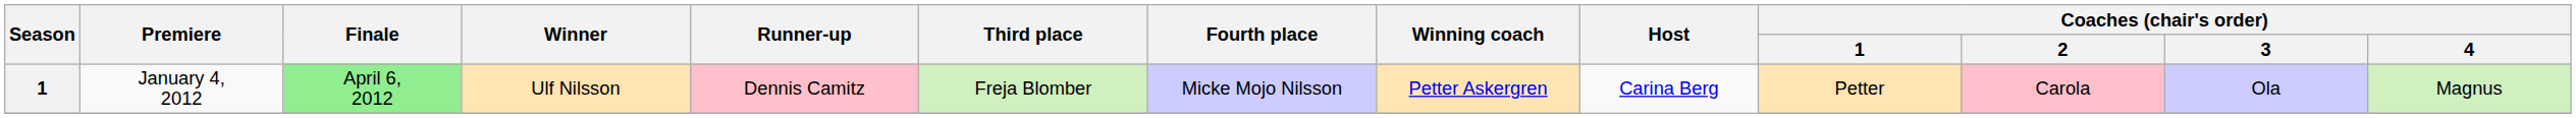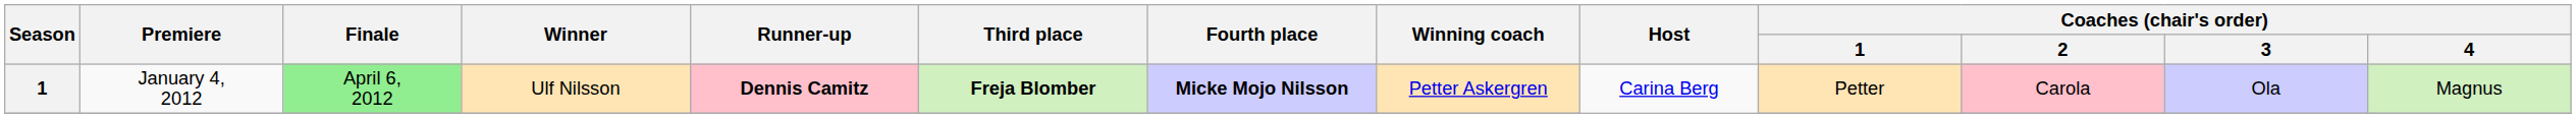 <table class="wikitable" style="text-align:center; font-size:90%; line-height:16px;" width="100%">
 <tr>
 <th style="width:02%;" rowspan="2" scope="col">Season</th>
 <th style="width:08%;" rowspan="2" scope="col">Premiere</th>
 <th style="width:07%;" rowspan="2" scope="col">Finale</th>
 <th style="width:09%;" rowspan="2" scope="col">Winner</th>
 <th style="width:09%;" rowspan="2" scope="col">Runner-up</th>
 <th style="width:09%;" rowspan="2" scope="col">Third place</th>
 <th style="width:09%;" rowspan="2" scope="col">Fourth place</th>
 <th style="width:08%;" rowspan="2" scope="col">Winning coach</th>
 <th style="width:07%;" rowspan="2" scope="col">Host</th>
 <th style="width:24%;" colspan="4" scope="col">Coaches (chair's order)</th>
 </tr>
 <tr>
 <th style="width:08%">1</th>
 <th style="width:08%">2</th>
 <th style="width:08%">3</th>
 <th style="width:08%">4</th>
 </tr>
 <tr>
 <th>1</th>
 <td>January 4, <br> 2012</td>
 <td style="background: lightgreen;">April 6,<br> 2012</td>
 <td style="background:#ffe5b4">Ulf Nilsson</td>
-<td style="background:pink">Dennis Camitz</td>
-<td style="background:#d0f0c0">Freja Blomber</td>
-<td style="background:#ccf">Micke Mojo Nilsson</td>
+<td style="background:pink"><strong>Dennis Camitz</strong></td>
+<td style="background:#d0f0c0"><strong>Freja Blomber</strong></td>
+<td style="background:#ccf"><strong>Micke Mojo Nilsson</strong></td>
 <td style="background:#ffe5b4"><a href='#'>Petter Askergren</a></td>
 <td rowspan="2"><a href='#'>Carina Berg</a></td>
 <td rowspan="1" style="background:#ffe5b4">Petter</td>
 <td style="background:pink">Carola</td>
 <td style="background:#ccf">Ola</td>
 <td style="background:#d0f0c0">Magnus</td>
 </tr>
 <tr>
 </tr>
 </table>
